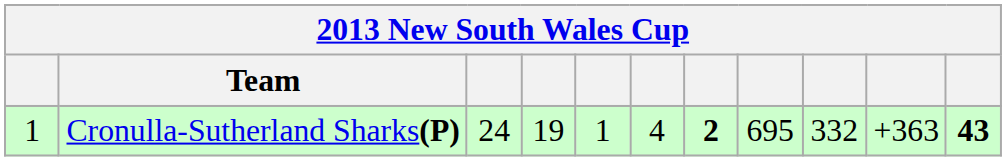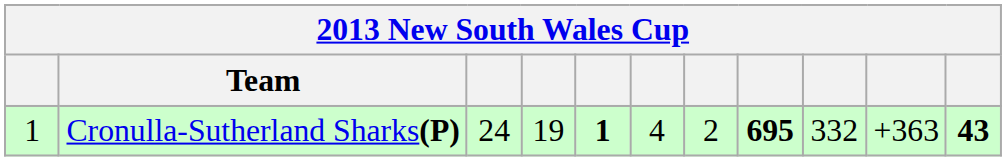 <table class="wikitable" style="text-align:center">
 <tr>
 <th colspan="11"><a href='#'>2013 New South Wales Cup</a></th>
 </tr>
 <tr>
 <th width="20"></th>
 <th>Team</th>
 <th width="20"></th>
 <th width="20"></th>
 <th width="20"></th>
 <th width="20"></th>
 <th width="20"></th>
 <th width="25"></th>
 <th width="25"></th>
 <th width="30"></th>
 <th width="20"></th>
 </tr>
 <tr style="background: #ccffcc;">
 <td>1</td>
 <td style="text-align:left;"> <a href='#'>Cronulla-Sutherland Sharks</a><strong>(P)</strong></td>
 <td>24</td>
 <td>19</td>
-<td>1</td>
+<td><strong>1</strong></td>
 <td>4</td>
-<td><strong>2</strong></td>
-<td>695</td>
+<td>2</td>
+<td><strong>695</strong></td>
 <td>332</td>
 <td>+363</td>
 <td><strong>43</strong></td>
 </tr>
 </table>
